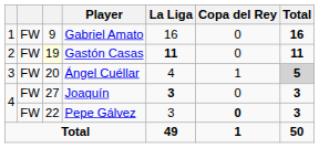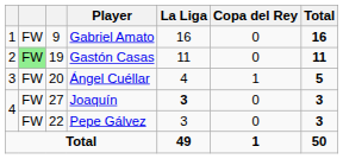 <table class="wikitable sortable" style="text-align:center">
 <tr>
 <th></th>
 <th></th>
 <th></th>
 <th>Player</th>
 <th>La Liga</th>
 <th>Copa del Rey</th>
 <th><strong>Total</strong></th>
 </tr>
 <tr>
 <td>1</td>
 <td>FW</td>
 <td>9</td>
 <td style="text-align:left;"> <a href='#'>Gabriel Amato</a></td>
 <td>16</td>
 <td>0</td>
 <td><strong>16</strong></td>
 </tr>
 <tr>
 <td>2</td>
-<td>FW</td>
-<td style="background: lightyellow;">19</td>
+<td style="background: lightgreen;">FW</td>
+<td>19</td>
 <td style="text-align:left;"> <a href='#'>Gastón Casas</a></td>
-<td><strong>11</strong></td>
+<td>11</td>
 <td>0</td>
 <td><strong>11</strong></td>
 </tr>
 <tr>
 <td>3</td>
 <td>FW</td>
 <td>20</td>
 <td style="text-align:left;"> <a href='#'>Ángel Cuéllar</a></td>
 <td>4</td>
 <td>1</td>
-<td style="background: lightgrey;"><strong>5</strong></td>
+<td><strong>5</strong></td>
 </tr>
 <tr>
 <td rowspan=2>4</td>
 <td>FW</td>
 <td>27</td>
 <td style="text-align:left;"> <a href='#'>Joaquín</a></td>
 <td><strong>3</strong></td>
 <td>0</td>
 <td><strong>3</strong></td>
 </tr>
 <tr>
 <td>FW</td>
 <td>22</td>
 <td style="text-align:left;"> <a href='#'>Pepe Gálvez</a></td>
 <td>3</td>
-<td><strong>0</strong></td>
+<td>0</td>
 <td><strong>3</strong></td>
 </tr>
 <tr class="sortbottom">
 <td colspan="4"><strong>Total</strong></td>
 <td><strong>49</strong></td>
 <td><strong>1</strong></td>
 <td><strong>50</strong></td>
 </tr>
 </table>
